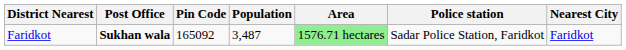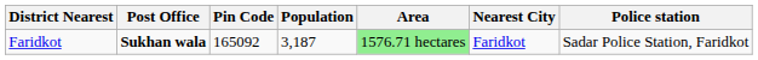 <table class="wikitable">
 <tr>
 <th>District   Nearest</th>
 <th>Post Office</th>
 <th>Pin Code</th>
 <th>Population</th>
 <th>Area</th>
+<th>Nearest City</th>
 <th>Police station</th>
-<th>Nearest City</th>
 </tr>
 <tr>
 <td><a href='#'>Faridkot</a></td>
 <td><strong>Sukhan wala</strong></td>
 <td>165092</td>
-<td>3,487</td>
+<td>3,187</td>
 <td style="background: lightgreen;">1576.71 hectares</td>
+<td><a href='#'>Faridkot</a></td>
 <td>Sadar Police Station, Faridkot</td>
-<td><a href='#'>Faridkot</a></td>
 </tr>
 </table>
